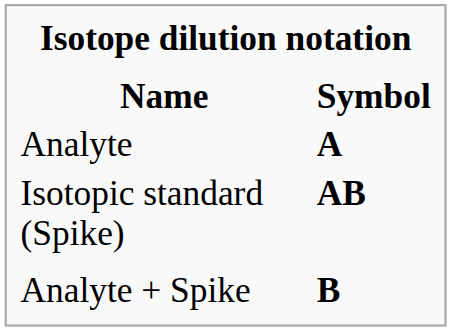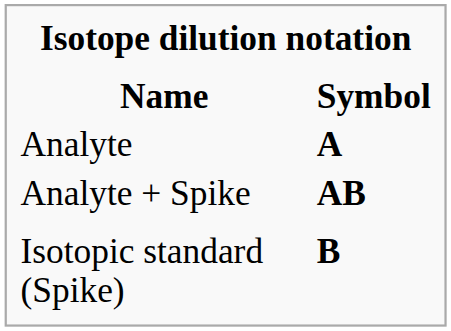 <table class=infobox width=200px>
 <tr>
 <th colspan=2>Isotope dilution notation</th>
 </tr>
 <tr>
 <td></td>
 <td></td>
 </tr>
 <tr>
 <th>Name</th>
 <th>Symbol</th>
 </tr>
 <tr>
 <td>Analyte</td>
 <td><strong>A</strong></td>
 </tr>
 <tr>
-<td>Isotopic standard (Spike)</td>
+<td>Analyte + Spike</td>
 <td><strong>AB</strong></td>
 </tr>
 <tr>
 <td></td>
 <td></td>
 </tr>
 <tr>
-<td>Analyte + Spike</td>
+<td>Isotopic standard (Spike)</td>
 <td><strong>B</strong></td>
 </tr>
 </table>
